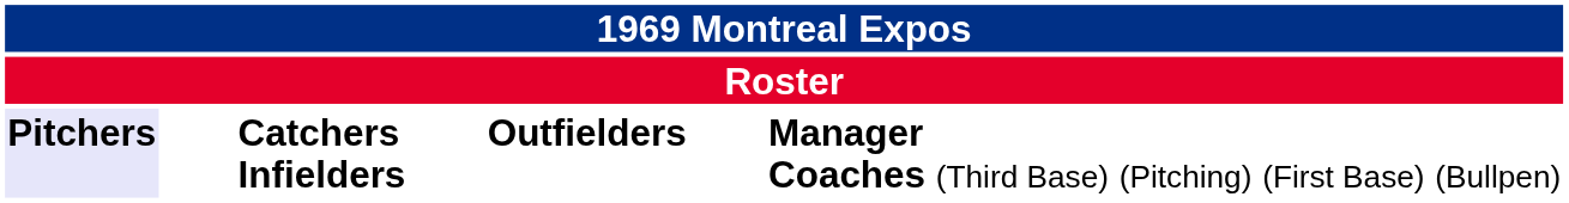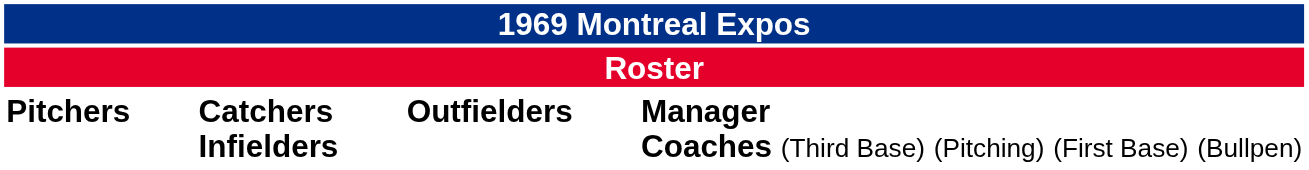 <table class="toccolours" style="font-size: 95%;">
 <tr>
 <th colspan="10" style="background-color: #003087; color: #FFFFFF; text-align: center;">1969 Montreal Expos</th>
 </tr>
 <tr>
 <td colspan="10" style="background-color: #E4002B; color: #FFFFFF; text-align: center;"><strong>Roster</strong></td>
 </tr>
 <tr>
-<td valign="top" style="background: lavender;"><strong>Pitchers</strong><br>                 </td>
+<td valign="top"><strong>Pitchers</strong><br>                 </td>
 <td width="25px"></td>
 <td valign="top"><strong>Catchers</strong><br>   <strong>Infielders</strong>           </td>
 <td width="25px"></td>
 <td valign="top"><strong>Outfielders</strong><br>         </td>
 <td width="25px"></td>
 <td valign="top"><strong>Manager</strong><br> <strong>Coaches</strong> <small>(Third Base)</small> <small>(Pitching)</small> <small>(First Base)</small> <small>(Bullpen)</small></td>
 </tr>
 <tr>
 </tr>
 </table>
